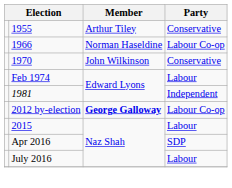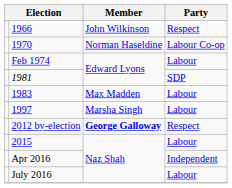 <table class="wikitable">
 <tr>
 <th colspan="2">Election</th>
 <th>Member</th>
 <th>Party</th>
 </tr>
 <tr>
 <td style="color:inherit;background-color: "></td>
-<td><a href='#'>1955</a></td>
-<td><a href='#'>Arthur Tiley</a></td>
-<td><a href='#'>Conservative</a></td>
-</tr>
-<tr>
-<td style="color:inherit;background-color: "></td>
 <td><a href='#'>1966</a></td>
-<td><a href='#'>Norman Haseldine</a></td>
-<td><a href='#'>Labour Co-op</a></td>
+<td><a href='#'>John Wilkinson</a></td>
+<td><a href='#'>Respect</a></td>
 </tr>
 <tr>
 <td style="color:inherit;background-color: "></td>
 <td><a href='#'>1970</a></td>
-<td><a href='#'>John Wilkinson</a></td>
-<td><a href='#'>Conservative</a></td>
+<td><a href='#'>Norman Haseldine</a></td>
+<td><a href='#'>Labour Co-op</a></td>
 </tr>
 <tr>
 <td style="color:inherit;background-color: "></td>
 <td><a href='#'>Feb 1974</a></td>
 <td rowspan="2"><a href='#'>Edward Lyons</a></td>
 <td><a href='#'>Labour</a></td>
 </tr>
 <tr>
 <td style="color:inherit;background-color: "></td>
 <td><em>1981</em></td>
-<td><a href='#'>Independent</a></td>
+<td><a href='#'>SDP</a></td>
+</tr>
+<tr>
+<td style="color:inherit;background-color: "></td>
+<td><a href='#'>1983</a></td>
+<td><a href='#'>Max Madden</a></td>
+<td><a href='#'>Labour</a></td>
+</tr>
+<tr>
+<td style="color:inherit;background-color: "></td>
+<td><a href='#'>1997</a></td>
+<td><a href='#'>Marsha Singh</a></td>
+<td><a href='#'>Labour</a></td>
 </tr>
 <tr>
 <td style="color:inherit;background-color: "></td>
 <td><a href='#'>2012 by-election</a></td>
 <td><strong><a href='#'>George Galloway</a></strong></td>
-<td><a href='#'>Labour Co-op</a></td>
+<td><a href='#'>Respect</a></td>
 </tr>
 <tr>
 <td style="color:inherit;background-color: "></td>
 <td><a href='#'>2015</a></td>
 <td rowspan="3"><a href='#'>Naz Shah</a></td>
 <td><a href='#'>Labour</a></td>
 </tr>
 <tr>
 <td style="color:inherit;background-color: "></td>
 <td>Apr 2016</td>
-<td><a href='#'>SDP</a></td>
+<td><a href='#'>Independent</a></td>
 </tr>
 <tr>
 <td style="color:inherit;background-color: "></td>
 <td>July 2016</td>
 <td><a href='#'>Labour</a></td>
 </tr>
 <tr>
 </tr>
 </table>
